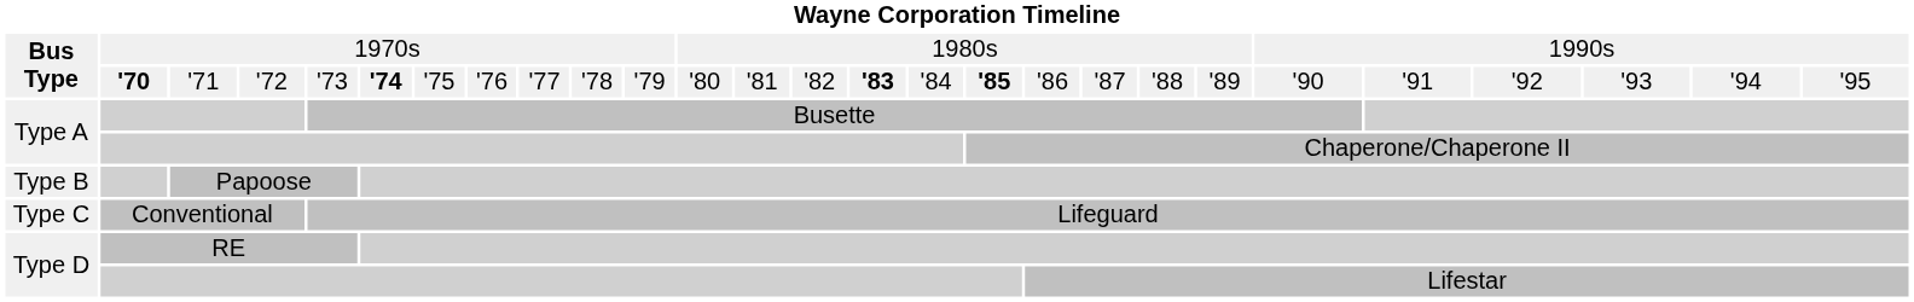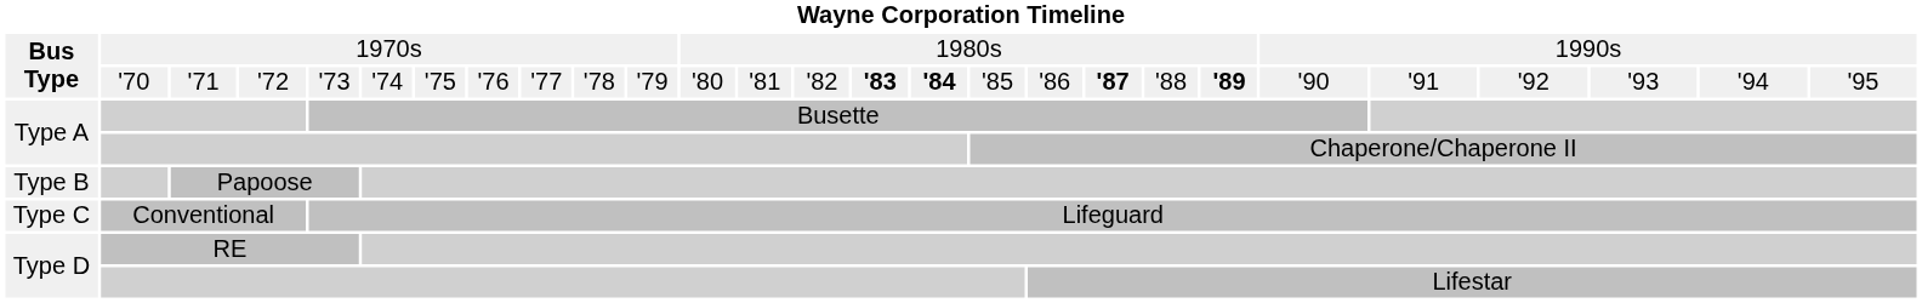 <table class="toccolours" style="margin:auto;">
 <tr>
 <td style="text-align:center;" colspan="84"><strong>Wayne Corporation Timeline</strong></td>
 </tr>
 <tr style="text-align:center; background:#f0f0f0; background:#f0f0f0;">
 <td rowspan="2"><strong>Bus Type</strong></td>
 <td colspan="10" style="width:30%; ">1970s</td>
 <td colspan="10" style="width:30%; ">1980s</td>
 <td colspan="6" style="width:35%; ">1990s</td>
 </tr>
 <tr style="background:#f0f0f0; text-align:center;">
-<td><strong>'70</strong></td>
+<td>'70</td>
 <td>'71</td>
 <td>'72</td>
 <td>'73</td>
-<td><strong>'74</strong></td>
+<td>'74</td>
 <td>'75</td>
 <td>'76</td>
 <td>'77</td>
 <td>'78</td>
 <td>'79</td>
 <td>'80</td>
 <td>'81</td>
 <td>'82</td>
 <td><strong>'83</strong></td>
-<td>'84</td>
-<td><strong>'85</strong></td>
+<td><strong>'84</strong></td>
+<td>'85</td>
 <td>'86</td>
-<td>'87</td>
+<td><strong>'87</strong></td>
 <td>'88</td>
-<td>'89</td>
+<td><strong>'89</strong></td>
 <td>'90</td>
 <td>'91</td>
 <td>'92</td>
 <td>'93</td>
 <td>'94</td>
 <td>'95</td>
 </tr>
 <tr align=center>
 <td rowspan="2" style="background:#f0f0f0;">Type A</td>
 <td colspan="3" style="background:#d0d0d0;"></td>
 <td colspan="18" style="background:silver;">Busette</td>
 <td colspan="5" style="background:#d0d0d0;"></td>
 </tr>
 <tr align=center>
 <td colspan="15" style="background:#d0d0d0;"></td>
 <td colspan="11" style="background:silver;">Chaperone/Chaperone II</td>
 </tr>
 <tr align=center>
 <td style="background:#f0f0f0;">Type B</td>
 <td colspan="1" style="background:#d0d0d0;"></td>
 <td colspan="3" style="background:silver;">Papoose</td>
 <td colspan="22" style="background:#d0d0d0;"></td>
 </tr>
 <tr align=center>
 <td style="background:#f0f0f0;">Type C</td>
 <td colspan="3" style="background:silver;">Conventional</td>
 <td colspan="23" style="background:silver;">Lifeguard</td>
 </tr>
 <tr align=center>
 <td rowspan="2" style="background:#f0f0f0;">Type D</td>
 <td colspan="4" style="background:silver;">RE</td>
 <td colspan="22" style="background:#d0d0d0;"></td>
 </tr>
 <tr align=center>
 <td colspan="16" style="background:#d0d0d0;"></td>
 <td colspan="10" style="background:silver;">Lifestar</td>
 </tr>
 </table>
